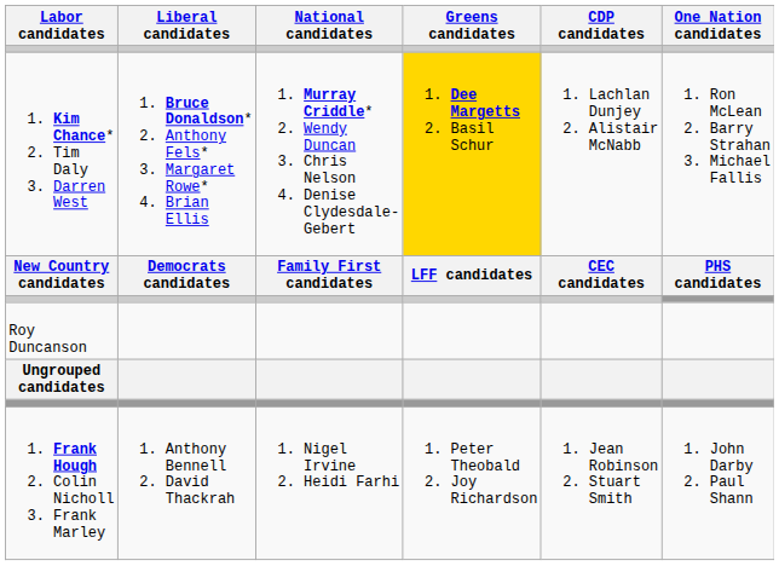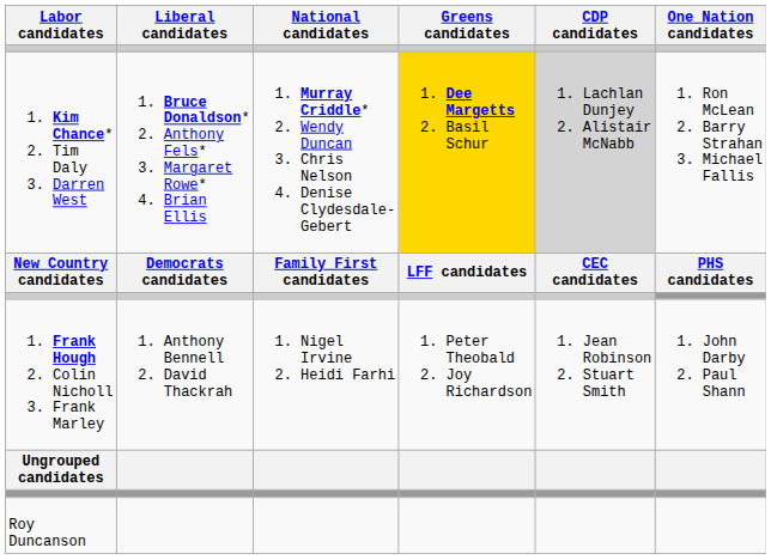 <table class="wikitable">
 <tr>
 <th><a href='#'>Labor</a> candidates</th>
 <th><a href='#'>Liberal</a> candidates</th>
 <th><a href='#'>National</a> candidates</th>
 <th><a href='#'>Greens</a> candidates</th>
 <th><a href='#'>CDP</a> candidates</th>
 <th><a href='#'>One Nation</a> candidates</th>
 </tr>
 <tr bgcolor="#cccccc">
 <td></td>
 <td></td>
 <td></td>
 <td></td>
 <td></td>
 <td></td>
 </tr>
 <tr>
 <td><br><ol><li><strong><a href='#'>Kim Chance</a></strong>*</li><li>Tim Daly</li><li><a href='#'>Darren West</a></li></ol></td>
 <td><br><ol><li><strong><a href='#'>Bruce Donaldson</a></strong>*</li><li><a href='#'>Anthony Fels</a>*</li><li><a href='#'>Margaret Rowe</a>*</li><li><a href='#'>Brian Ellis</a></li></ol></td>
 <td><br><ol><li><strong><a href='#'>Murray Criddle</a></strong>*</li><li><a href='#'>Wendy Duncan</a></li><li>Chris Nelson</li><li>Denise Clydesdale-Gebert</li></ol></td>
 <td valign=top style="background: gold;"><br><ol><li><strong><a href='#'>Dee Margetts</a></strong></li><li>Basil Schur</li></ol></td>
-<td valign=top><br><ol><li>Lachlan Dunjey</li><li>Alistair McNabb</li></ol></td>
+<td valign=top style="background: lightgrey;"><br><ol><li>Lachlan Dunjey</li><li>Alistair McNabb</li></ol></td>
 <td valign=top><br><ol><li>Ron McLean</li><li>Barry Strahan</li><li>Michael Fallis</li></ol></td>
 </tr>
 <tr bgcolor="#cccccc">
 <th><a href='#'>New Country</a> candidates</th>
 <th><a href='#'>Democrats</a> candidates</th>
 <th><a href='#'>Family First</a> candidates</th>
 <th><a href='#'>LFF</a> candidates</th>
 <th><a href='#'>CEC</a> candidates</th>
 <th><a href='#'>PHS</a> candidates</th>
 </tr>
 <tr bgcolor="#cccccc">
 <td></td>
 <td></td>
 <td></td>
 <td></td>
 <td></td>
 <td bgcolor="#999999"></td>
 </tr>
 <tr>
-<td valign=top><br>Roy Duncanson</td>
-<td valign=top></td>
-<td valign=top></td>
-<td valign=top></td>
-<td valign=top></td>
-<td valign=top></td>
+<td valign=top><br><ol><li><strong><a href='#'>Frank Hough</a></strong></li><li>Colin Nicholl</li><li>Frank Marley</li></ol></td>
+<td valign=top><br><ol><li>Anthony Bennell</li><li>David Thackrah</li></ol></td>
+<td valign=top><br><ol><li>Nigel Irvine</li><li>Heidi Farhi</li></ol></td>
+<td valign=top><br><ol><li>Peter Theobald</li><li>Joy Richardson</li></ol></td>
+<td valign=top><br><ol><li>Jean Robinson</li><li>Stuart Smith</li></ol></td>
+<td valign=top><br><ol><li>John Darby</li><li>Paul Shann</li></ol></td>
 </tr>
 <tr bgcolor="#cccccc">
 <th>Ungrouped candidates</th>
 <th></th>
 <th></th>
 <th></th>
 <th></th>
 <th></th>
 </tr>
 <tr bgcolor="#cccccc">
 <td bgcolor="#999999"></td>
 <td bgcolor="#999999"></td>
 <td bgcolor="#999999"></td>
 <td bgcolor="#999999"></td>
 <td bgcolor="#999999"></td>
 <td bgcolor="#999999"></td>
 </tr>
 <tr>
-<td valign=top><br><ol><li><strong><a href='#'>Frank Hough</a></strong></li><li>Colin Nicholl</li><li>Frank Marley</li></ol></td>
-<td valign=top><br><ol><li>Anthony Bennell</li><li>David Thackrah</li></ol></td>
-<td valign=top><br><ol><li>Nigel Irvine</li><li>Heidi Farhi</li></ol></td>
-<td valign=top><br><ol><li>Peter Theobald</li><li>Joy Richardson</li></ol></td>
-<td valign=top><br><ol><li>Jean Robinson</li><li>Stuart Smith</li></ol></td>
-<td valign=top><br><ol><li>John Darby</li><li>Paul Shann</li></ol></td>
+<td valign=top><br>Roy Duncanson</td>
+<td valign=top></td>
+<td valign=top></td>
+<td valign=top></td>
+<td valign=top></td>
+<td valign=top></td>
 </tr>
 </table>
